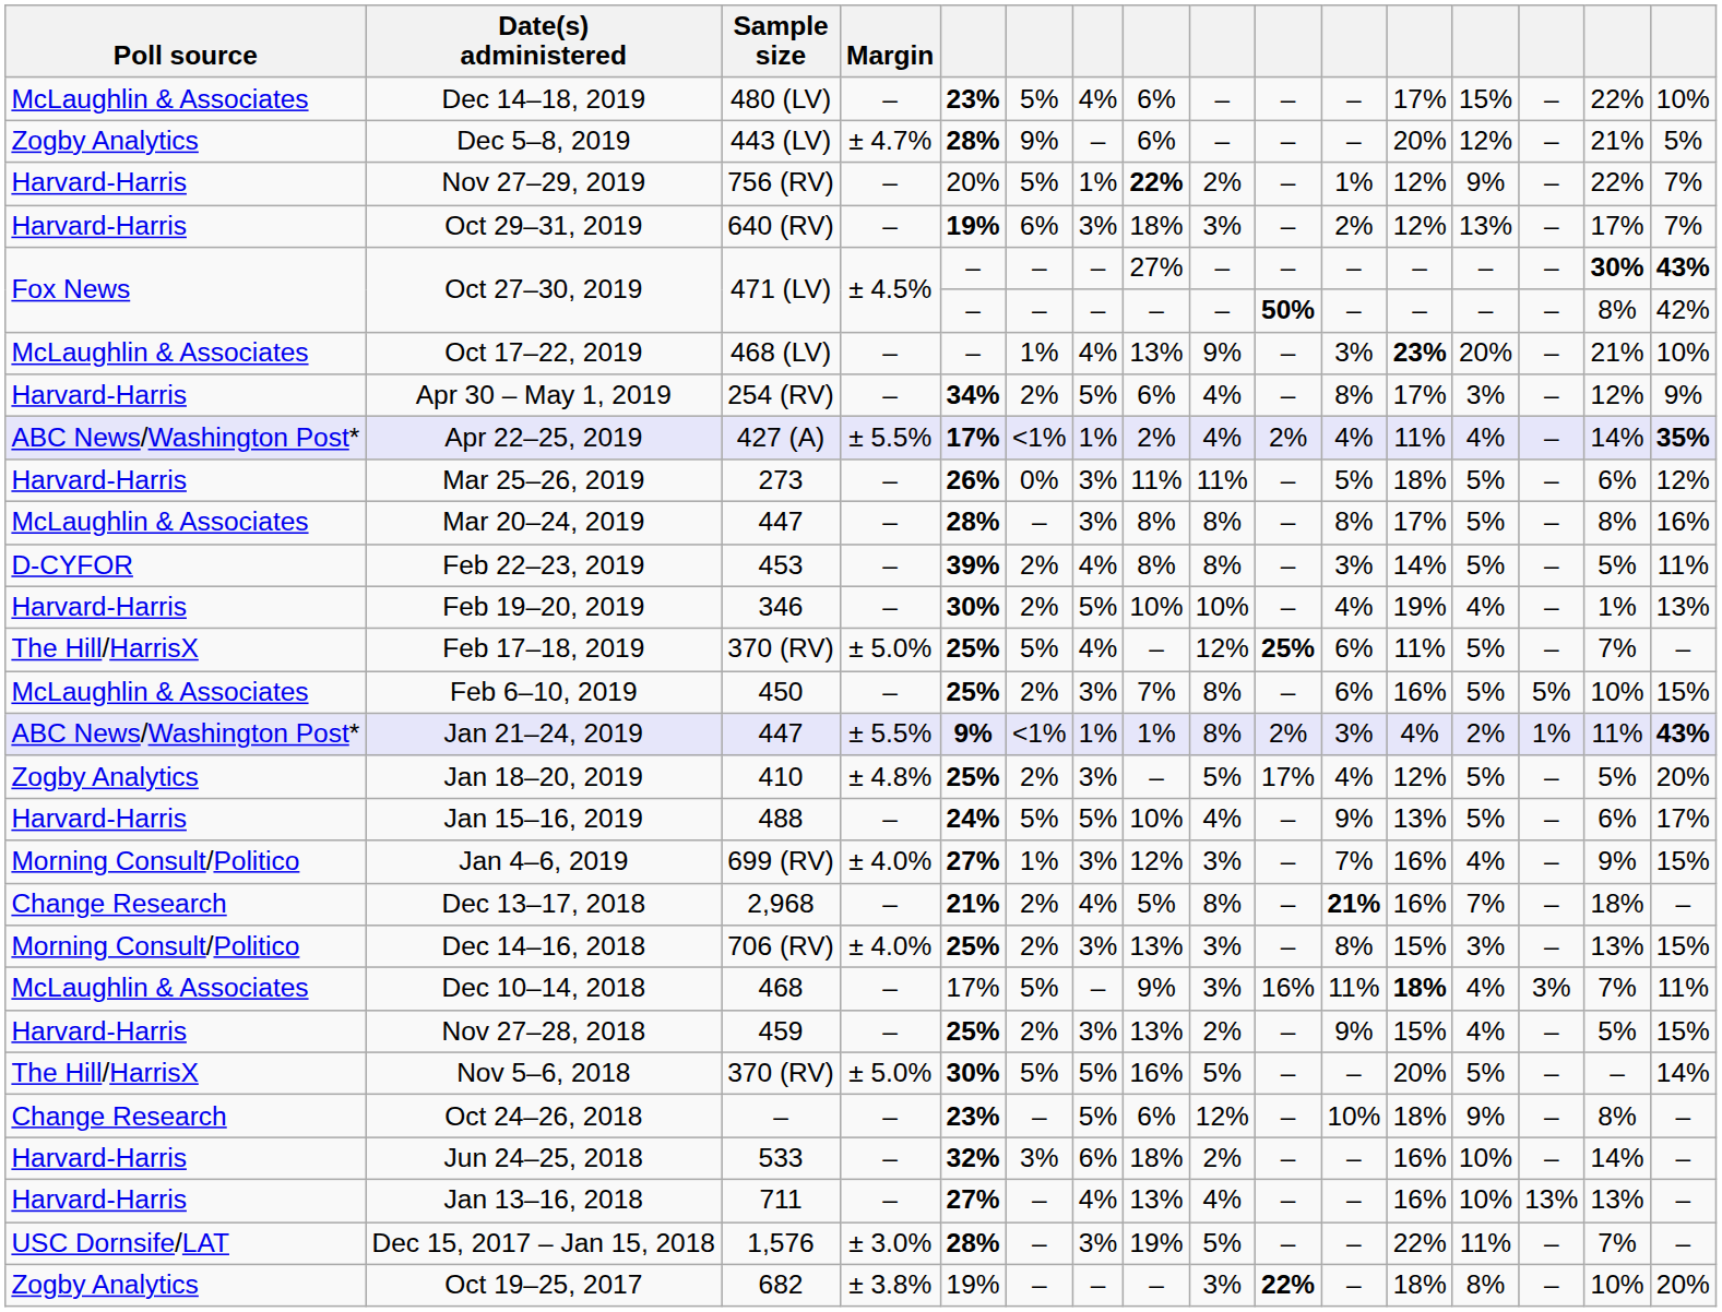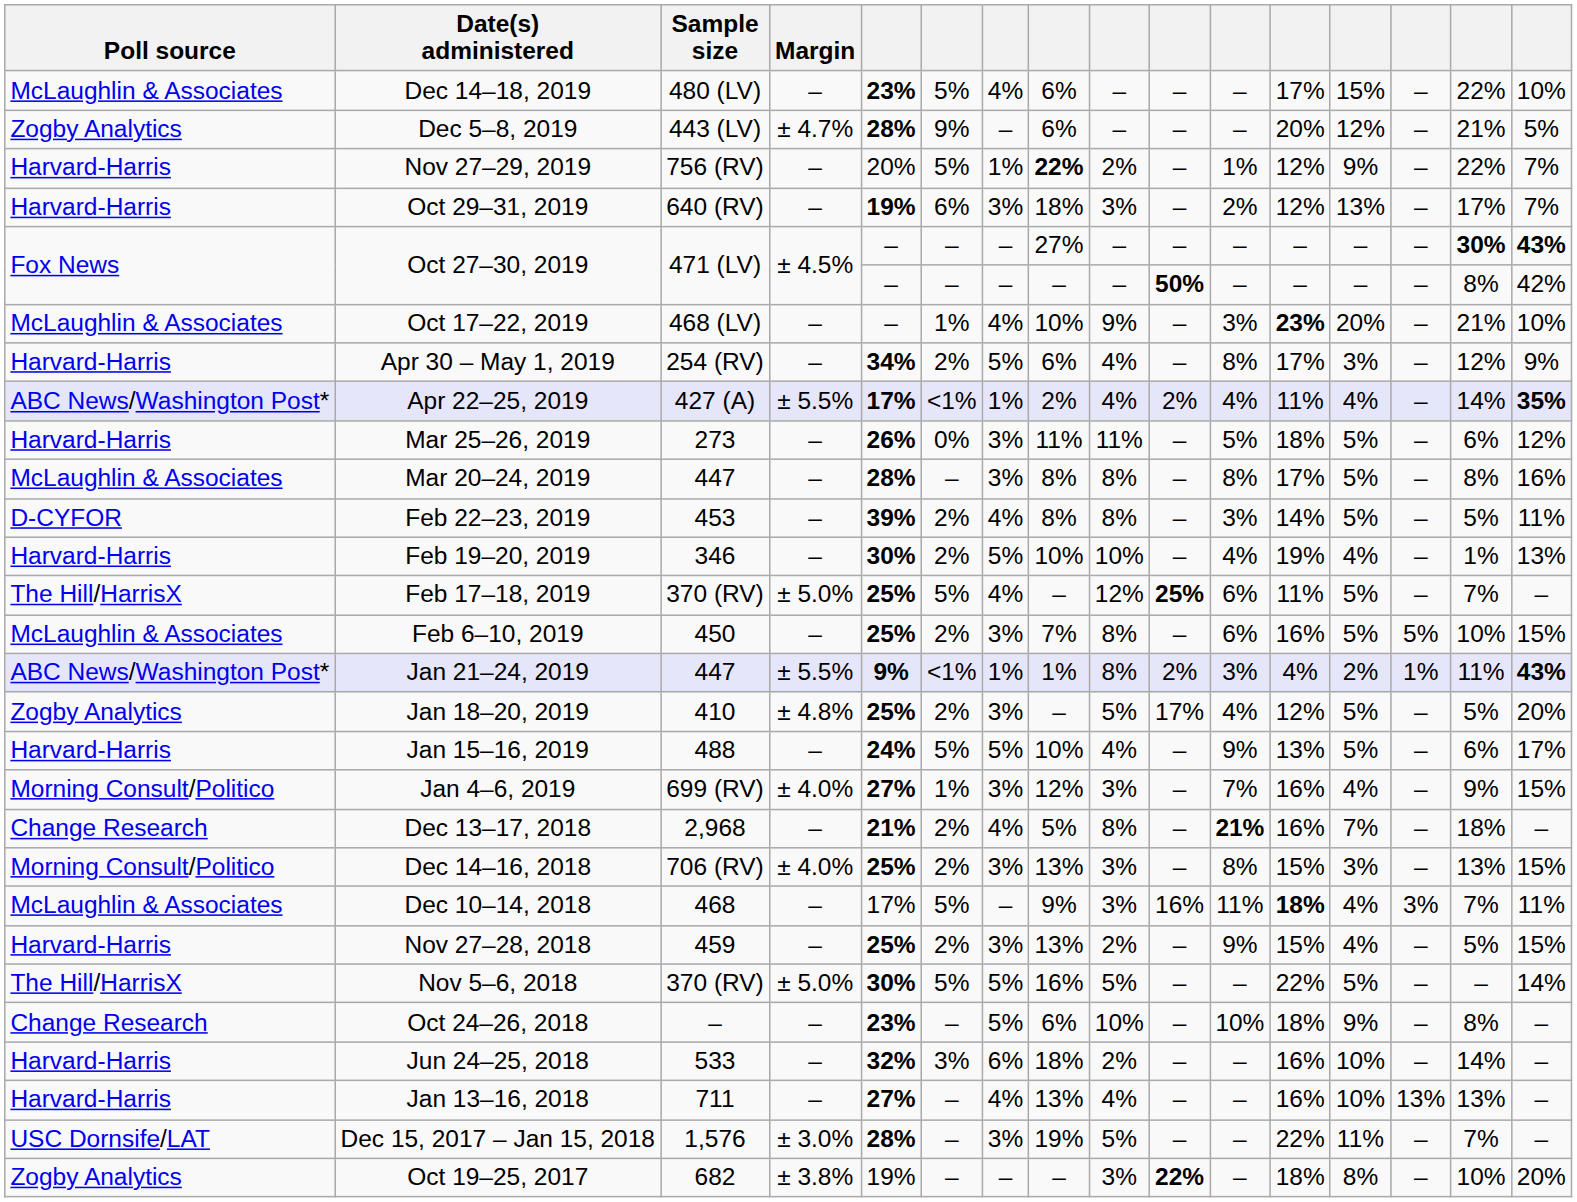 <table class="wikitable sortable" style="text-align:center;">
 <tr valign=bottom>
 <th style="background-position: right 85%;">Poll source</th>
 <th style="background-position: right 85%;">Date(s)<br>administered</th>
 <th style="background-position: right 85%;">Sample<br>size</th>
 <th style="background-position: right 85%;">Margin<br></th>
 <th></th>
 <th></th>
 <th></th>
 <th></th>
 <th></th>
 <th></th>
 <th></th>
 <th></th>
 <th></th>
 <th></th>
 <th></th>
 <th></th>
 </tr>
 <tr>
 <td style="text-align:left;"><a href='#'>McLaughlin & Associates</a></td>
 <td>Dec 14–18, 2019</td>
 <td>480 (LV)</td>
 <td>–</td>
 <td><strong>23%</strong></td>
 <td>5%</td>
 <td>4%</td>
 <td>6%</td>
 <td>–</td>
 <td>–</td>
 <td>–</td>
 <td>17%</td>
 <td>15%</td>
 <td>–</td>
 <td>22%</td>
 <td>10%</td>
 </tr>
 <tr>
 <td style="text-align:left;"><a href='#'>Zogby Analytics</a></td>
 <td>Dec 5–8, 2019</td>
 <td>443 (LV)</td>
 <td>± 4.7%</td>
 <td><strong>28%</strong></td>
 <td>9%</td>
 <td>–</td>
 <td>6%</td>
 <td>–</td>
 <td>–</td>
 <td>–</td>
 <td>20%</td>
 <td>12%</td>
 <td>–</td>
 <td>21%</td>
 <td>5%</td>
 </tr>
 <tr>
 <td style="text-align:left;"><a href='#'>Harvard-Harris</a></td>
 <td>Nov 27–29, 2019</td>
 <td>756 (RV)</td>
 <td>–</td>
 <td>20%</td>
 <td>5%</td>
 <td>1%</td>
 <td><strong>22%</strong></td>
 <td>2%</td>
 <td>–</td>
 <td>1%</td>
 <td>12%</td>
 <td>9%</td>
 <td>–</td>
 <td>22%</td>
 <td>7%</td>
 </tr>
 <tr>
 <td style="text-align:left;"><a href='#'>Harvard-Harris</a></td>
 <td>Oct 29–31, 2019</td>
 <td>640 (RV)</td>
 <td>–</td>
 <td><strong>19%</strong></td>
 <td>6%</td>
 <td>3%</td>
 <td>18%</td>
 <td>3%</td>
 <td>–</td>
 <td>2%</td>
 <td>12%</td>
 <td>13%</td>
 <td>–</td>
 <td>17%</td>
 <td>7%</td>
 </tr>
 <tr>
 <td style="text-align:left;" rowspan="2"><a href='#'>Fox News</a></td>
 <td rowspan="2">Oct 27–30, 2019</td>
 <td rowspan="2">471 (LV)</td>
 <td rowspan="2">± 4.5%</td>
 <td>–</td>
 <td>–</td>
 <td>–</td>
 <td>27%</td>
 <td>–</td>
 <td>–</td>
 <td>–</td>
 <td>–</td>
 <td>–</td>
 <td>–</td>
 <td><strong>30%</strong></td>
 <td><strong>43%</strong></td>
 </tr>
 <tr>
 <td>–</td>
 <td>–</td>
 <td>–</td>
 <td>–</td>
 <td>–</td>
 <td><strong>50%</strong></td>
 <td>–</td>
 <td>–</td>
 <td>–</td>
 <td>–</td>
 <td>8%</td>
 <td>42%</td>
 </tr>
 <tr>
 <td style="text-align:left;"><a href='#'>McLaughlin & Associates</a></td>
 <td>Oct 17–22, 2019</td>
 <td>468 (LV)</td>
 <td>–</td>
 <td>–</td>
 <td>1%</td>
 <td>4%</td>
-<td>13%</td>
+<td>10%</td>
 <td>9%</td>
 <td>–</td>
 <td>3%</td>
 <td><strong>23%</strong></td>
 <td>20%</td>
 <td>–</td>
 <td>21%</td>
 <td>10%</td>
 </tr>
 <tr>
 <td style="text-align:left;"><a href='#'>Harvard-Harris</a></td>
 <td>Apr 30 – May 1, 2019</td>
 <td>254 (RV)</td>
 <td>–</td>
 <td><strong>34%</strong></td>
 <td>2%</td>
 <td>5%</td>
 <td>6%</td>
 <td>4%</td>
 <td>–</td>
 <td>8%</td>
 <td>17%</td>
 <td>3%</td>
 <td>–</td>
 <td>12%</td>
 <td>9%</td>
 </tr>
 <tr bgcolor=lavender>
 <td style="text-align:left;"><a href='#'>ABC News</a>/<a href='#'>Washington Post</a>*</td>
 <td>Apr 22–25, 2019</td>
 <td>427 (A)</td>
 <td>± 5.5%</td>
 <td><strong>17%</strong></td>
 <td><1%</td>
 <td>1%</td>
 <td>2%</td>
 <td>4%</td>
 <td>2%</td>
 <td>4%</td>
 <td>11%</td>
 <td>4%</td>
 <td>–</td>
 <td>14%</td>
 <td><strong>35%</strong></td>
 </tr>
 <tr>
 <td style="text-align:left;"><a href='#'>Harvard-Harris</a></td>
 <td>Mar 25–26, 2019</td>
 <td>273</td>
 <td>–</td>
 <td><strong>26%</strong></td>
 <td>0%</td>
 <td>3%</td>
 <td>11%</td>
 <td>11%</td>
 <td>–</td>
 <td>5%</td>
 <td>18%</td>
 <td>5%</td>
 <td>–</td>
 <td>6%</td>
 <td>12%</td>
 </tr>
 <tr>
 <td style="text-align:left;"><a href='#'>McLaughlin & Associates</a></td>
 <td>Mar 20–24, 2019</td>
 <td>447</td>
 <td>–</td>
 <td><strong>28%</strong></td>
 <td>–</td>
 <td>3%</td>
 <td>8%</td>
 <td>8%</td>
 <td>–</td>
 <td>8%</td>
 <td>17%</td>
 <td>5%</td>
 <td>–</td>
 <td>8%</td>
 <td>16%</td>
 </tr>
 <tr>
 <td style="text-align:left;"><a href='#'>D-CYFOR</a></td>
 <td>Feb 22–23, 2019</td>
 <td>453</td>
 <td>–</td>
 <td><strong>39%</strong></td>
 <td>2%</td>
 <td>4%</td>
 <td>8%</td>
 <td>8%</td>
 <td>–</td>
 <td>3%</td>
 <td>14%</td>
 <td>5%</td>
 <td>–</td>
 <td>5%</td>
 <td>11%</td>
 </tr>
 <tr>
 <td style="text-align:left;"><a href='#'>Harvard-Harris</a></td>
 <td>Feb 19–20, 2019</td>
 <td>346</td>
 <td>–</td>
 <td><strong>30%</strong></td>
 <td>2%</td>
 <td>5%</td>
 <td>10%</td>
 <td>10%</td>
 <td>–</td>
 <td>4%</td>
 <td>19%</td>
 <td>4%</td>
 <td>–</td>
 <td>1%</td>
 <td>13%</td>
 </tr>
 <tr>
 <td style="text-align:left;"><a href='#'>The Hill</a>/<a href='#'>HarrisX</a></td>
 <td>Feb 17–18, 2019</td>
 <td>370 (RV)</td>
 <td>± 5.0%</td>
 <td><strong>25%</strong></td>
 <td>5%</td>
 <td>4%</td>
 <td>–</td>
 <td>12%</td>
 <td><strong>25%</strong></td>
 <td>6%</td>
 <td>11%</td>
 <td>5%</td>
 <td>–</td>
 <td>7%</td>
 <td>–</td>
 </tr>
 <tr>
 <td style="text-align:left;"><a href='#'>McLaughlin & Associates</a></td>
 <td>Feb 6–10, 2019</td>
 <td>450</td>
 <td>–</td>
 <td><strong>25%</strong></td>
 <td>2%</td>
 <td>3%</td>
 <td>7%</td>
 <td>8%</td>
 <td>–</td>
 <td>6%</td>
 <td>16%</td>
 <td>5%</td>
 <td>5%</td>
 <td>10%</td>
 <td>15%</td>
 </tr>
 <tr bgcolor=lavender>
 <td style="text-align:left;"><a href='#'>ABC News</a>/<a href='#'>Washington Post</a>*</td>
 <td>Jan 21–24, 2019</td>
 <td>447</td>
 <td>± 5.5%</td>
 <td><strong>9%</strong></td>
 <td><1%</td>
 <td>1%</td>
 <td>1%</td>
 <td>8%</td>
 <td>2%</td>
 <td>3%</td>
 <td>4%</td>
 <td>2%</td>
 <td>1%</td>
 <td>11%</td>
 <td><strong>43%</strong></td>
 </tr>
 <tr>
 <td style="text-align:left;"><a href='#'>Zogby Analytics</a></td>
 <td>Jan 18–20, 2019</td>
 <td>410</td>
 <td>± 4.8%</td>
 <td><strong>25%</strong></td>
 <td>2%</td>
 <td>3%</td>
 <td>–</td>
 <td>5%</td>
 <td>17%</td>
 <td>4%</td>
 <td>12%</td>
 <td>5%</td>
 <td>–</td>
 <td>5%</td>
 <td>20%</td>
 </tr>
 <tr>
 <td style="text-align:left;"><a href='#'>Harvard-Harris</a></td>
 <td>Jan 15–16, 2019</td>
 <td>488</td>
 <td>–</td>
 <td><strong>24%</strong></td>
 <td>5%</td>
 <td>5%</td>
 <td>10%</td>
 <td>4%</td>
 <td>–</td>
 <td>9%</td>
 <td>13%</td>
 <td>5%</td>
 <td>–</td>
 <td>6%</td>
 <td>17%</td>
 </tr>
 <tr>
 <td style="text-align:left;"><a href='#'>Morning Consult</a>/<a href='#'>Politico</a></td>
 <td>Jan 4–6, 2019</td>
 <td>699 (RV)</td>
 <td>± 4.0%</td>
 <td><strong>27%</strong></td>
 <td>1%</td>
 <td>3%</td>
 <td>12%</td>
 <td>3%</td>
 <td>–</td>
 <td>7%</td>
 <td>16%</td>
 <td>4%</td>
 <td>–</td>
 <td>9%</td>
 <td>15%</td>
 </tr>
 <tr>
 <td style="text-align:left;"><a href='#'>Change Research</a></td>
 <td>Dec 13–17, 2018</td>
 <td>2,968</td>
 <td>–</td>
 <td><strong>21%</strong></td>
 <td>2%</td>
 <td>4%</td>
 <td>5%</td>
 <td>8%</td>
 <td>–</td>
 <td><strong>21%</strong></td>
 <td>16%</td>
 <td>7%</td>
 <td>–</td>
 <td>18%</td>
 <td>–</td>
 </tr>
 <tr>
 <td style="text-align:left;"><a href='#'>Morning Consult</a>/<a href='#'>Politico</a></td>
 <td>Dec 14–16, 2018</td>
 <td>706 (RV)</td>
 <td>± 4.0%</td>
 <td><strong>25%</strong></td>
 <td>2%</td>
 <td>3%</td>
 <td>13%</td>
 <td>3%</td>
 <td>–</td>
 <td>8%</td>
 <td>15%</td>
 <td>3%</td>
 <td>–</td>
 <td>13%</td>
 <td>15%</td>
 </tr>
 <tr>
 <td style="text-align:left;"><a href='#'>McLaughlin & Associates</a></td>
 <td>Dec 10–14, 2018</td>
 <td>468</td>
 <td>–</td>
 <td>17%</td>
 <td>5%</td>
 <td>–</td>
 <td>9%</td>
 <td>3%</td>
 <td>16%</td>
 <td>11%</td>
 <td><strong>18%</strong></td>
 <td>4%</td>
 <td>3%</td>
 <td>7%</td>
 <td>11%</td>
 </tr>
 <tr>
 <td style="text-align:left;"><a href='#'>Harvard-Harris</a></td>
 <td>Nov 27–28, 2018</td>
 <td>459</td>
 <td>–</td>
 <td><strong>25%</strong></td>
 <td>2%</td>
 <td>3%</td>
 <td>13%</td>
 <td>2%</td>
 <td>–</td>
 <td>9%</td>
 <td>15%</td>
 <td>4%</td>
 <td>–</td>
 <td>5%</td>
 <td>15%</td>
 </tr>
 <tr>
 <td style="text-align:left;"><a href='#'>The Hill</a>/<a href='#'>HarrisX</a></td>
 <td>Nov 5–6, 2018</td>
 <td>370 (RV)</td>
 <td>± 5.0%</td>
 <td><strong>30%</strong></td>
 <td>5%</td>
 <td>5%</td>
 <td>16%</td>
 <td>5%</td>
 <td>–</td>
 <td>–</td>
-<td>20%</td>
+<td>22%</td>
 <td>5%</td>
 <td>–</td>
 <td>–</td>
 <td>14%</td>
 </tr>
 <tr>
 <td style="text-align:left;"><a href='#'>Change Research</a></td>
 <td>Oct 24–26, 2018</td>
 <td>–</td>
 <td>–</td>
 <td><strong>23%</strong></td>
 <td>–</td>
 <td>5%</td>
 <td>6%</td>
-<td>12%</td>
+<td>10%</td>
 <td>–</td>
 <td>10%</td>
 <td>18%</td>
 <td>9%</td>
 <td>–</td>
 <td>8%</td>
 <td>–</td>
 </tr>
 <tr>
 <td style="text-align:left;"><a href='#'>Harvard-Harris</a></td>
 <td>Jun 24–25, 2018</td>
 <td>533</td>
 <td>–</td>
 <td><strong>32%</strong></td>
 <td>3%</td>
 <td>6%</td>
 <td>18%</td>
 <td>2%</td>
 <td>–</td>
 <td>–</td>
 <td>16%</td>
 <td>10%</td>
 <td>–</td>
 <td>14%</td>
 <td>–</td>
 </tr>
 <tr>
 <td style="text-align:left;"><a href='#'>Harvard-Harris</a></td>
 <td>Jan 13–16, 2018</td>
 <td>711</td>
 <td>–</td>
 <td><strong>27%</strong></td>
 <td>–</td>
 <td>4%</td>
 <td>13%</td>
 <td>4%</td>
 <td>–</td>
 <td>–</td>
 <td>16%</td>
 <td>10%</td>
 <td>13%</td>
 <td>13%</td>
 <td>–</td>
 </tr>
 <tr>
 <td style="text-align:left;"><a href='#'>USC Dornsife</a>/<a href='#'>LAT</a></td>
 <td>Dec 15, 2017 – Jan 15, 2018</td>
 <td>1,576</td>
 <td>± 3.0%</td>
 <td><strong>28%</strong></td>
 <td>–</td>
 <td>3%</td>
 <td>19%</td>
 <td>5%</td>
 <td>–</td>
 <td>–</td>
 <td>22%</td>
 <td>11%</td>
 <td>–</td>
 <td>7%</td>
 <td>–</td>
 </tr>
 <tr>
 <td style="text-align:left;"><a href='#'>Zogby Analytics</a></td>
 <td>Oct 19–25, 2017</td>
 <td>682</td>
 <td>± 3.8%</td>
 <td>19%</td>
 <td>–</td>
 <td>–</td>
 <td>–</td>
 <td>3%</td>
 <td><strong>22%</strong></td>
 <td>–</td>
 <td>18%</td>
 <td>8%</td>
 <td>–</td>
 <td>10%</td>
 <td>20%</td>
 </tr>
 </table>
